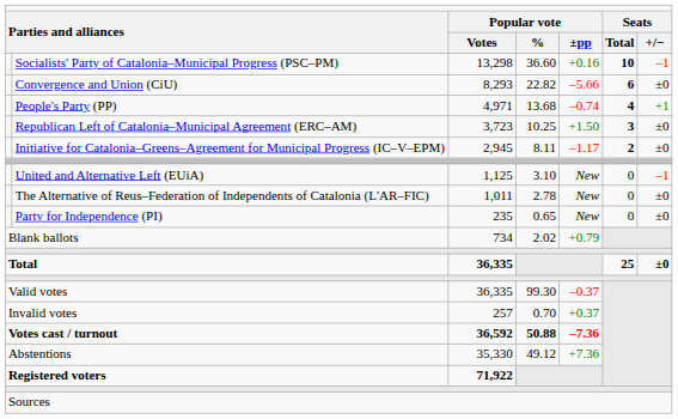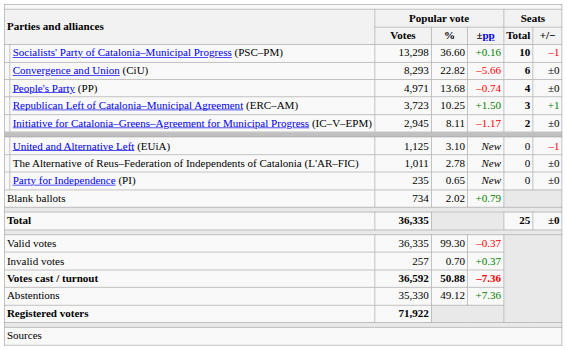 <table class="wikitable" style="text-align:right;">
 <tr>
 <td colspan="7"></td>
 </tr>
 <tr>
 <th style="text-align:left;" rowspan="2" colspan="2" width="525">Parties and alliances</th>
 <th colspan="3">Popular vote</th>
 <th colspan="2">Seats</th>
 </tr>
 <tr>
 <th width="75">Votes</th>
 <th width="45">%</th>
 <th width="45">±<a href='#'>pp</a></th>
 <th width="35">Total</th>
 <th width="35">+/−</th>
 </tr>
 <tr>
 <td width="1" style="color:inherit;background:"></td>
 <td align="left"><a href='#'>Socialists' Party of Catalonia–Municipal Progress</a> (PSC–PM)</td>
 <td>13,298</td>
 <td>36.60</td>
 <td style="color:green;">+0.16</td>
 <td><strong>10</strong></td>
 <td style="color:red;">–1</td>
 </tr>
 <tr>
 <td style="color:inherit;background:"></td>
 <td align="left"><a href='#'>Convergence and Union</a> (CiU)</td>
 <td>8,293</td>
 <td>22.82</td>
 <td style="color:red;">–5.66</td>
 <td><strong>6</strong></td>
 <td>±0</td>
 </tr>
 <tr>
 <td style="color:inherit;background:"></td>
 <td align="left"><a href='#'>People's Party</a> (PP)</td>
 <td>4,971</td>
 <td>13.68</td>
 <td style="color:red;">–0.74</td>
 <td><strong>4</strong></td>
-<td style="color:green;">+1</td>
+<td>±0</td>
 </tr>
 <tr>
 <td style="color:inherit;background:"></td>
 <td align="left"><a href='#'>Republican Left of Catalonia–Municipal Agreement</a> (ERC–AM)</td>
 <td>3,723</td>
 <td>10.25</td>
 <td style="color:green;">+1.50</td>
 <td><strong>3</strong></td>
-<td>±0</td>
+<td style="color:green;">+1</td>
 </tr>
 <tr>
 <td style="color:inherit;background:"></td>
 <td align="left"><a href='#'>Initiative for Catalonia–Greens–Agreement for Municipal Progress</a> (IC–V–EPM)</td>
 <td>2,945</td>
 <td>8.11</td>
 <td style="color:red;">–1.17</td>
 <td><strong>2</strong></td>
 <td>±0</td>
 </tr>
 <tr>
 <td colspan="7" style="color:inherit;background:#C0C0C0"></td>
 </tr>
 <tr>
 <td style="color:inherit;background:"></td>
 <td align="left"><a href='#'>United and Alternative Left</a> (EUiA)</td>
 <td>1,125</td>
 <td>3.10</td>
 <td><em>New</em></td>
 <td>0</td>
 <td style="color:red;">–1</td>
 </tr>
 <tr>
 <td style="color:inherit;background:"></td>
 <td align="left">The Alternative of Reus–Federation of Independents of Catalonia (L'AR–FIC)</td>
 <td>1,011</td>
 <td>2.78</td>
 <td><em>New</em></td>
 <td>0</td>
 <td>±0</td>
 </tr>
 <tr>
 <td style="color:inherit;background:"></td>
 <td align="left"><a href='#'>Party for Independence</a> (PI)</td>
 <td>235</td>
 <td>0.65</td>
 <td><em>New</em></td>
 <td>0</td>
 <td>±0</td>
 </tr>
 <tr>
 <td align="left" colspan="2">Blank ballots</td>
 <td>734</td>
 <td>2.02</td>
 <td style="color:green;">+0.79</td>
 <td style="color:inherit;background:#E9E9E9" colspan="2"></td>
 </tr>
 <tr>
 <td colspan="7" style="color:inherit;background:#E9E9E9"></td>
 </tr>
 <tr style="font-weight:bold;">
 <td align="left" colspan="2">Total</td>
 <td>36,335</td>
 <td bgcolor="#E9E9E9" colspan="2"></td>
 <td>25</td>
 <td>±0</td>
 </tr>
 <tr>
 <td colspan="7" style="color:inherit;background:#E9E9E9"></td>
 </tr>
 <tr>
 <td align="left" colspan="2">Valid votes</td>
 <td>36,335</td>
 <td>99.30</td>
 <td style="color:red;">–0.37</td>
 <td bgcolor="#E9E9E9" colspan="2" rowspan="5"></td>
 </tr>
 <tr>
 <td align="left" colspan="2">Invalid votes</td>
 <td>257</td>
 <td>0.70</td>
 <td style="color:green;">+0.37</td>
 </tr>
 <tr style="font-weight:bold;">
 <td align="left" colspan="2">Votes cast / turnout</td>
 <td>36,592</td>
 <td>50.88</td>
 <td style="color:red;">–7.36</td>
 </tr>
 <tr>
 <td align="left" colspan="2">Abstentions</td>
 <td>35,330</td>
 <td>49.12</td>
 <td style="color:green;">+7.36</td>
 </tr>
 <tr style="font-weight:bold;">
 <td align="left" colspan="2">Registered voters</td>
 <td>71,922</td>
 <td bgcolor="#E9E9E9" colspan="2"></td>
 </tr>
 <tr>
 <td colspan="7" style="color:inherit;background:#E9E9E9"></td>
 </tr>
 <tr>
 <td align="left" colspan="7">Sources</td>
 </tr>
 </table>
